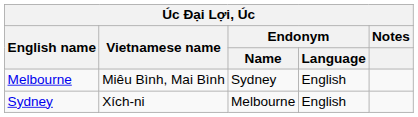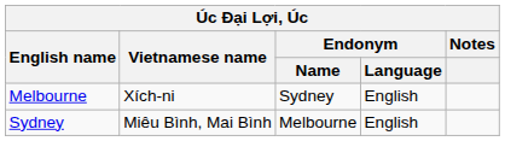 <table class="wikitable sortable">
 <tr>
 <th colspan="5"> Úc Đại Lợi, Úc</th>
 </tr>
 <tr>
 <th rowspan="2">English name</th>
 <th rowspan="2">Vietnamese name</th>
 <th colspan="2">Endonym</th>
 <th>Notes</th>
 </tr>
 <tr>
 <th>Name</th>
 <th>Language</th>
 <th></th>
 </tr>
 <tr>
 <td><a href='#'>Melbourne</a></td>
-<td>Miêu Bình, Mai Bình</td>
+<td>Xích-ni</td>
 <td>Sydney</td>
 <td>English</td>
 <td></td>
 </tr>
 <tr>
 <td><a href='#'>Sydney</a></td>
-<td>Xích-ni</td>
+<td>Miêu Bình, Mai Bình</td>
 <td>Melbourne</td>
 <td>English</td>
 <td></td>
 </tr>
 </table>
